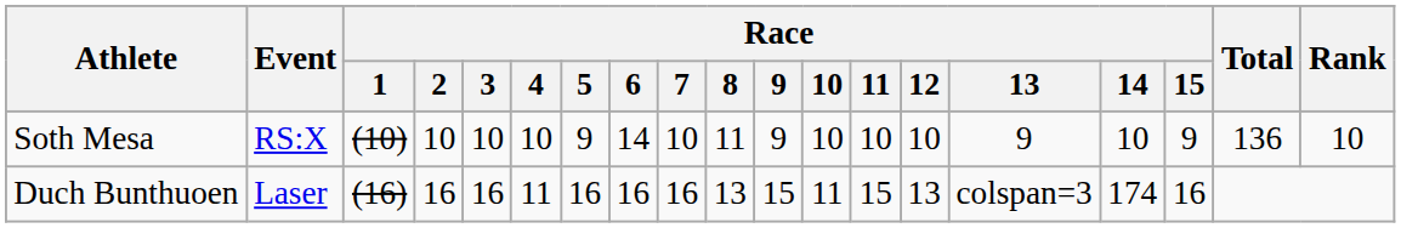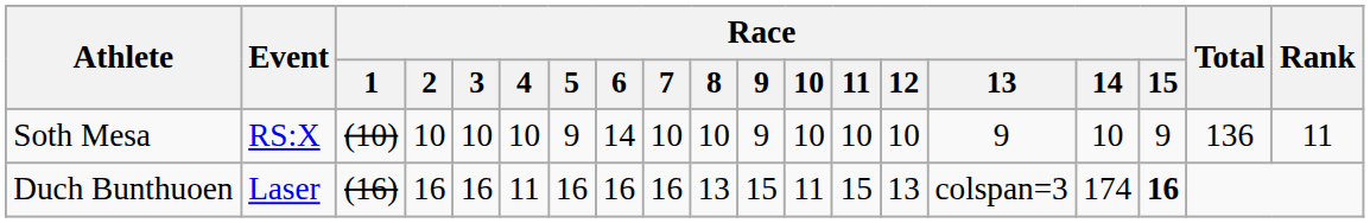 <table class=wikitable style=font-size:90%;text-align:center>
 <tr>
 <th rowspan="2">Athlete</th>
 <th rowspan="2">Event</th>
 <th colspan=15>Race</th>
 <th rowspan=2>Total</th>
 <th rowspan=2>Rank</th>
 </tr>
 <tr style="font-size:95%">
 <th>1</th>
 <th>2</th>
 <th>3</th>
 <th>4</th>
 <th>5</th>
 <th>6</th>
 <th>7</th>
 <th>8</th>
 <th>9</th>
 <th>10</th>
 <th>11</th>
 <th>12</th>
 <th>13</th>
 <th>14</th>
 <th>15</th>
 </tr>
 <tr>
 <td align=left>Soth Mesa</td>
 <td align=left><a href='#'>RS:X</a></td>
 <td><s>(10)</s></td>
 <td>10</td>
 <td>10</td>
 <td>10</td>
 <td>9</td>
 <td>14</td>
 <td>10</td>
-<td>11</td>
+<td>10</td>
 <td>9</td>
 <td>10</td>
 <td>10</td>
 <td>10</td>
 <td>9</td>
 <td>10</td>
 <td>9</td>
 <td>136</td>
-<td>10</td>
+<td>11</td>
 </tr>
 <tr>
 <td align=left>Duch Bunthuoen</td>
 <td align=left><a href='#'>Laser</a></td>
 <td><s>(16)</s></td>
 <td>16</td>
 <td>16</td>
 <td>11</td>
 <td>16</td>
 <td>16</td>
 <td>16</td>
 <td>13</td>
 <td>15</td>
 <td>11</td>
 <td>15</td>
 <td>13</td>
 <td>colspan=3 </td>
 <td>174</td>
-<td>16</td>
+<td><strong>16</strong></td>
 </tr>
 </table>
